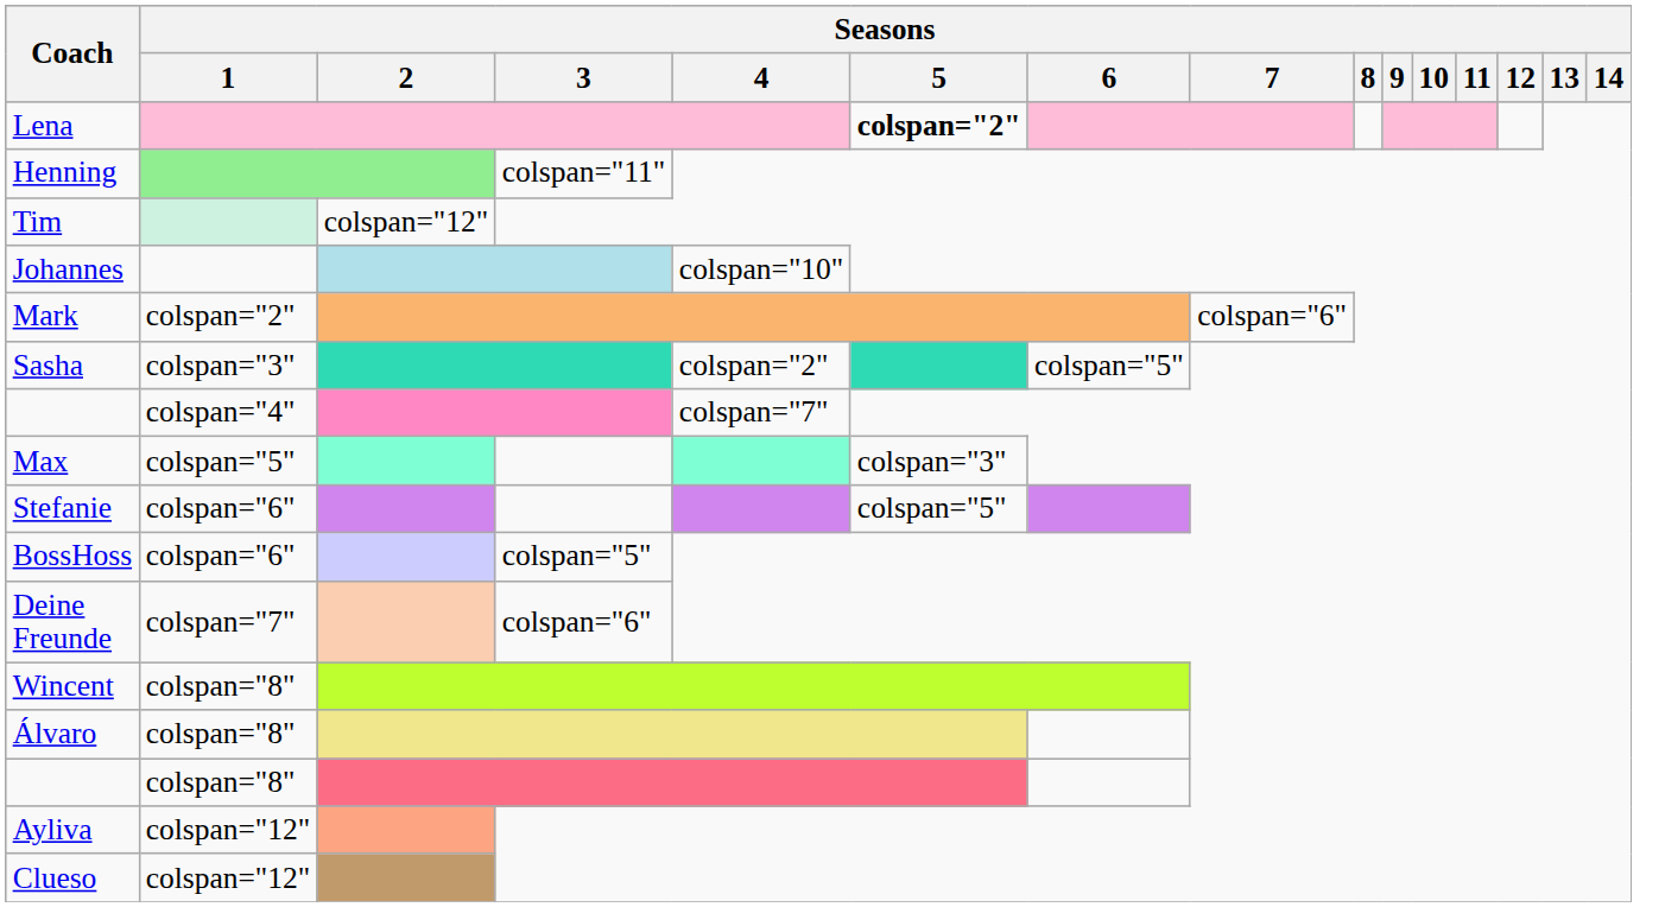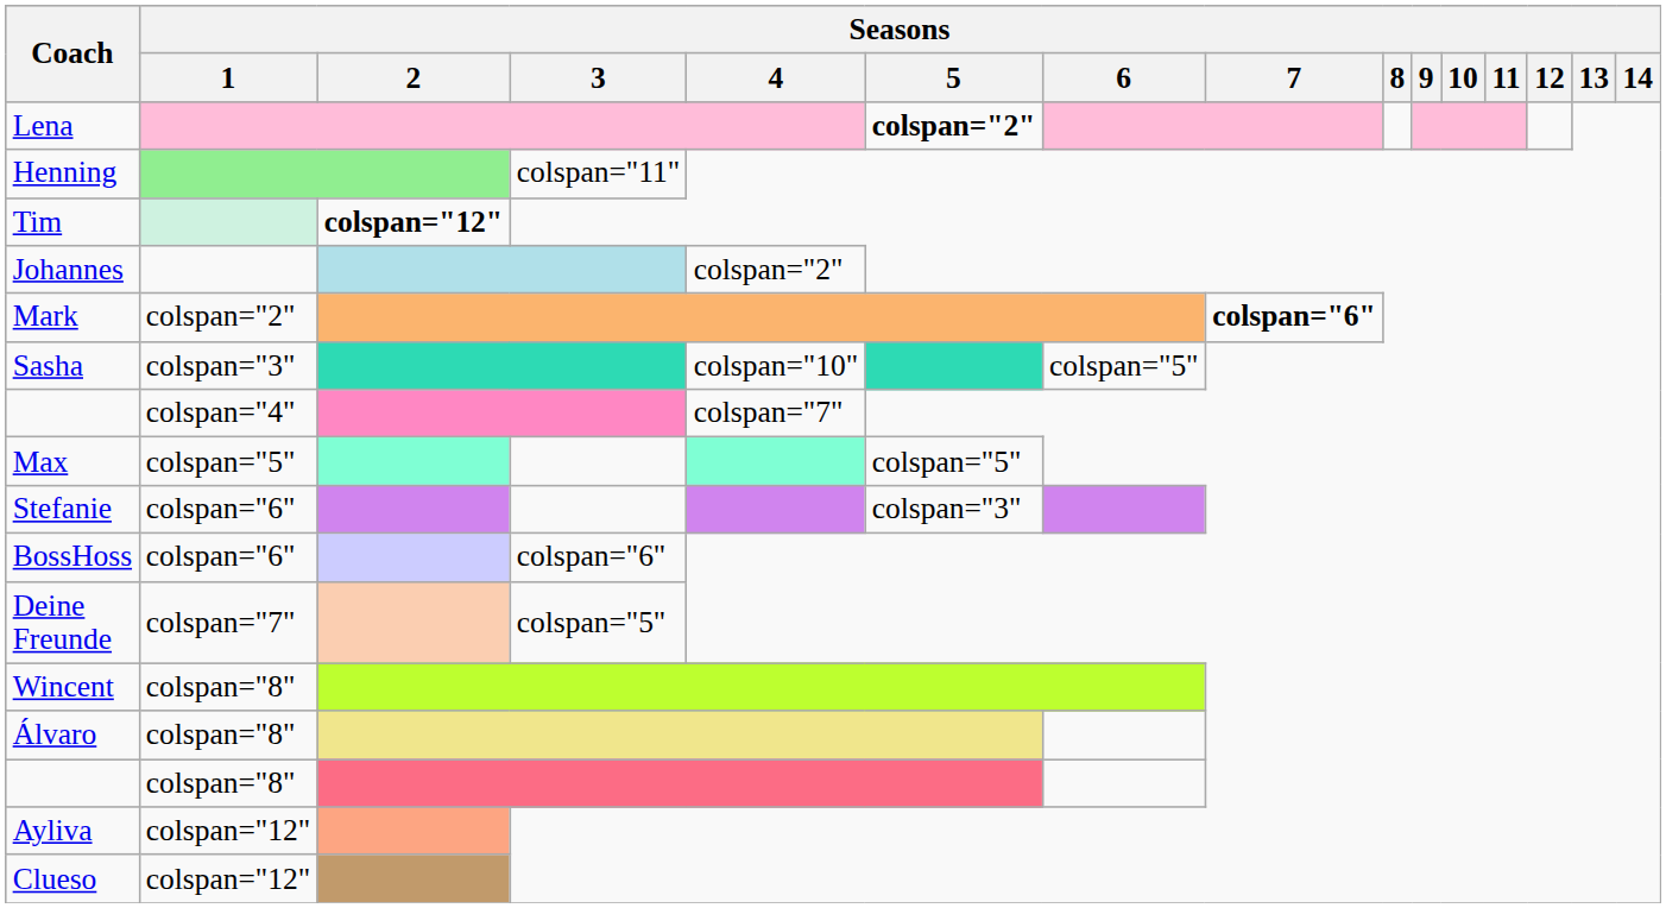 <table class="wikitable" width="80%">
 <tr>
 <th rowspan="2" width="135">Coach</th>
 <th colspan="14">Seasons</th>
 </tr>
 <tr>
 <th width="40">1</th>
 <th width="40">2</th>
 <th width="40">3</th>
 <th width="40">4</th>
 <th width="40">5</th>
 <th width="40">6</th>
 <th width="40">7</th>
 <th width="40">8</th>
 <th width="40">9</th>
 <th width="40">10</th>
 <th width="40">11</th>
 <th width="40">12</th>
 <th width="40">13</th>
 <th width="40">14</th>
 </tr>
 <tr>
 <td><a href='#'>Lena</a></td>
 <td colspan="4" style="background:#ffbcd9"></td>
 <td><strong>colspan="2" </strong></td>
 <td colspan="2" style="background:#ffbcd9"></td>
 <td></td>
 <td colspan="3" style="background:#ffbcd9"></td>
 <td></td>
 </tr>
 <tr>
 <td><a href='#'>Henning</a></td>
 <td colspan="2" style="background:#90ee90"></td>
 <td>colspan="11" </td>
 </tr>
 <tr>
 <td><a href='#'>Tim</a></td>
 <td style="background:#cef2e0"></td>
-<td>colspan="12" </td>
+<td><strong>colspan="12" </strong></td>
 </tr>
 <tr>
 <td><a href='#'>Johannes</a></td>
 <td></td>
 <td colspan="2" style="background:#b0e0e9"></td>
-<td>colspan="10" </td>
+<td>colspan="2" </td>
 </tr>
 <tr>
 <td><a href='#'>Mark</a></td>
 <td>colspan="2" </td>
 <td colspan="5" style="background:#fbb46e"></td>
-<td>colspan="6" </td>
+<td><strong>colspan="6" </strong></td>
 </tr>
 <tr>
 <td><a href='#'>Sasha</a></td>
 <td>colspan="3" </td>
 <td colspan="2" style="background:#2ddab4"></td>
-<td>colspan="2" </td>
+<td>colspan="10" </td>
 <td style="background:#2ddab4"></td>
 <td>colspan="5" </td>
 </tr>
 <tr>
 <td></td>
 <td>colspan="4" </td>
 <td colspan="2" style="background:#FF87C3"></td>
 <td>colspan="7" </td>
 </tr>
 <tr>
 <td><a href='#'>Max</a></td>
 <td>colspan="5" </td>
 <td style="background:#7FFFD4"></td>
 <td></td>
 <td style="background:#7FFFD4"></td>
-<td>colspan="3" </td>
+<td>colspan="5" </td>
 </tr>
 <tr>
 <td><a href='#'>Stefanie</a></td>
 <td>colspan="6" </td>
 <td style="background:#d084ee"></td>
 <td></td>
 <td style="background:#d084ee"></td>
-<td>colspan="5" </td>
+<td>colspan="3" </td>
 <td style="background:#d084ee"></td>
 </tr>
 <tr>
 <td><a href='#'>BossHoss</a></td>
 <td>colspan="6" </td>
 <td style="background:#ccf"></td>
-<td>colspan="5" </td>
+<td>colspan="6" </td>
 </tr>
 <tr>
 <td><a href='#'>Deine Freunde</a></td>
 <td>colspan="7" </td>
 <td style="background:#FBCEB1"></td>
-<td>colspan="6" </td>
+<td>colspan="5" </td>
 </tr>
 <tr>
 <td><a href='#'>Wincent</a></td>
 <td>colspan="8" </td>
 <td colspan="5" style="background:#bdff2f"></td>
 </tr>
 <tr>
 <td><a href='#'>Álvaro</a></td>
 <td>colspan="8" </td>
 <td colspan="4" style="background:khaki"></td>
 <td></td>
 </tr>
 <tr>
 <td></td>
 <td>colspan="8" </td>
 <td colspan="4" style="background:#FC6C85"></td>
 <td></td>
 </tr>
 <tr>
 <td><a href='#'>Ayliva</a></td>
 <td>colspan="12" </td>
 <td style="background:#FDA582"></td>
 </tr>
 <tr>
 <td><a href='#'>Clueso</a></td>
 <td>colspan="12" </td>
 <td style="background:#C19A6B"></td>
 </tr>
 </table>
